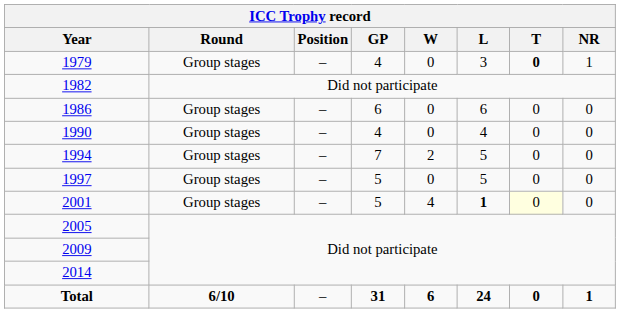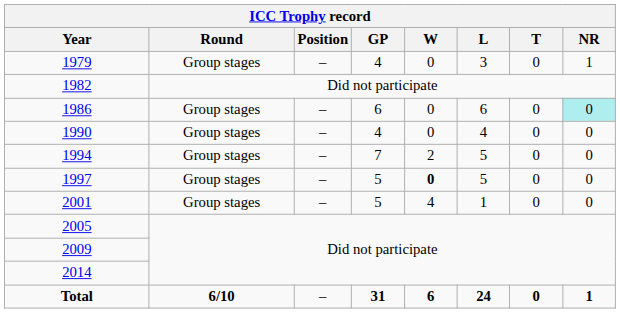 <table class="wikitable" style="text-align: center; width=900px;">
 <tr>
 <th colspan=9><a href='#'>ICC Trophy</a> record</th>
 </tr>
 <tr>
 <th width=150>Year</th>
 <th width=150>Round</th>
 <th width=50>Position</th>
 <th width=50>GP</th>
 <th width=50>W</th>
 <th width=50>L</th>
 <th width=50>T</th>
 <th width=50>NR</th>
 </tr>
 <tr>
 <td> <a href='#'>1979</a></td>
 <td>Group stages</td>
 <td>–</td>
 <td>4</td>
 <td>0</td>
 <td>3</td>
-<td><strong>0</strong></td>
+<td>0</td>
 <td>1</td>
 </tr>
 <tr>
 <td> <a href='#'>1982</a></td>
 <td rowspan=1 colspan=8>Did not participate</td>
 </tr>
 <tr>
 <td> <a href='#'>1986</a></td>
 <td>Group stages</td>
 <td>–</td>
 <td>6</td>
 <td>0</td>
 <td>6</td>
 <td>0</td>
-<td>0</td>
+<td style="background: paleturquoise;">0</td>
 </tr>
 <tr>
 <td> <a href='#'>1990</a></td>
 <td>Group stages</td>
 <td>–</td>
 <td>4</td>
 <td>0</td>
 <td>4</td>
 <td>0</td>
 <td>0</td>
 </tr>
 <tr>
 <td> <a href='#'>1994</a></td>
 <td>Group stages</td>
 <td>–</td>
 <td>7</td>
 <td>2</td>
 <td>5</td>
 <td>0</td>
 <td>0</td>
 </tr>
 <tr>
 <td> <a href='#'>1997</a></td>
 <td>Group stages</td>
 <td>–</td>
 <td>5</td>
-<td>0</td>
+<td><strong>0</strong></td>
 <td>5</td>
 <td>0</td>
 <td>0</td>
 </tr>
 <tr>
 <td> <a href='#'>2001</a></td>
 <td>Group stages</td>
 <td>–</td>
 <td>5</td>
 <td>4</td>
-<td><strong>1</strong></td>
-<td style="background: lightyellow;">0</td>
+<td>1</td>
+<td>0</td>
 <td>0</td>
 </tr>
 <tr>
 <td> <a href='#'>2005</a></td>
 <td rowspan=3 colspan=8>Did not participate</td>
 </tr>
 <tr>
 <td> <a href='#'>2009</a></td>
 </tr>
 <tr>
 <td> <a href='#'>2014</a></td>
 </tr>
 <tr>
 <td><strong>Total</strong></td>
 <td><strong>6/10</strong></td>
 <td>–</td>
 <td><strong>31</strong></td>
 <td><strong>6</strong></td>
 <td><strong>24</strong></td>
 <td><strong>0</strong></td>
 <td><strong>1</strong></td>
 </tr>
 </table>
